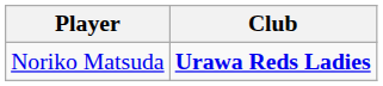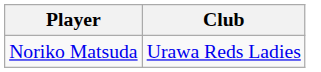 <table class="wikitable">
 <tr>
 <th>Player</th>
 <th>Club</th>
 </tr>
 <tr>
 <td> <a href='#'>Noriko Matsuda</a></td>
-<td><strong><a href='#'>Urawa Reds Ladies</a></strong></td>
+<td><a href='#'>Urawa Reds Ladies</a></td>
 </tr>
 </table>
